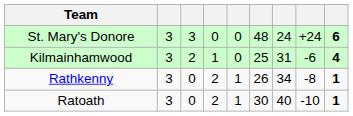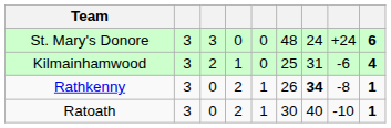 <table class="wikitable" style="text-align:center">
 <tr>
 <th width="175">Team</th>
 <th width="20"></th>
 <th width="20"></th>
 <th width="20"></th>
 <th width="20"></th>
 <th width="20"></th>
 <th width="20"></th>
 <th width="20"></th>
 <th width="20"></th>
 </tr>
 <tr style="background:#cfc;">
 <td>St. Mary's Donore</td>
 <td>3</td>
 <td>3</td>
 <td>0</td>
 <td>0</td>
 <td>48</td>
 <td>24</td>
 <td>+24</td>
 <td><strong>6</strong></td>
 </tr>
 <tr style="background:#cfc;">
 <td>Kilmainhamwood</td>
 <td>3</td>
 <td>2</td>
 <td>1</td>
 <td>0</td>
 <td>25</td>
 <td>31</td>
 <td>-6</td>
 <td><strong>4</strong></td>
 </tr>
 <tr>
 <td><a href='#'>Rathkenny</a></td>
 <td>3</td>
 <td>0</td>
 <td>2</td>
 <td>1</td>
 <td>26</td>
-<td>34</td>
+<td><strong>34</strong></td>
 <td>-8</td>
 <td><strong>1</strong></td>
 </tr>
 <tr>
 <td>Ratoath</td>
 <td>3</td>
 <td>0</td>
 <td>2</td>
 <td>1</td>
 <td>30</td>
 <td>40</td>
 <td>-10</td>
 <td><strong>1</strong></td>
 </tr>
 </table>
